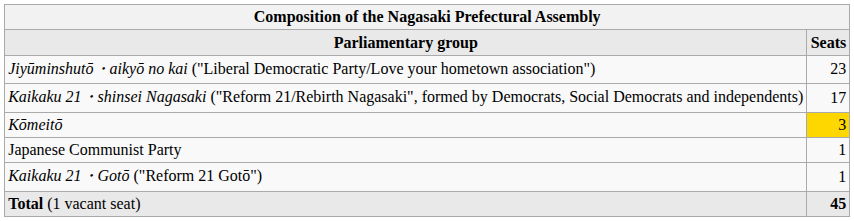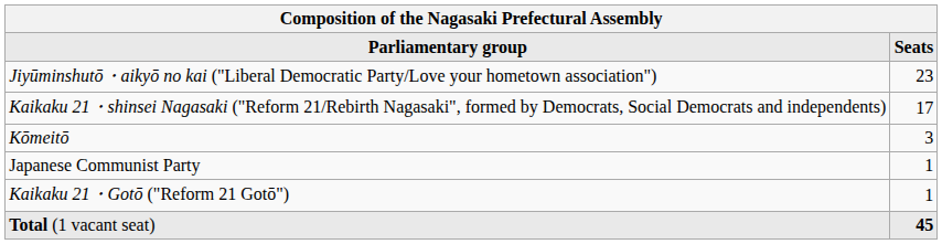 <table class="wikitable">
 <tr>
 <th colspan="2">Composition of the Nagasaki Prefectural Assembly</th>
 </tr>
 <tr>
 <th style="background-color:#E9E9E9" align=left>Parliamentary group</th>
 <th style="background-color:#E9E9E9" align=right>Seats</th>
 </tr>
 <tr>
 <td align=left><em>Jiyūminshutō・aikyō no kai</em> ("Liberal Democratic Party/Love your hometown association")</td>
 <td align="right">23</td>
 </tr>
 <tr>
 <td align=left><em>Kaikaku 21・shinsei Nagasaki</em> ("Reform 21/Rebirth Nagasaki", formed by Democrats, Social Democrats and independents)</td>
 <td align="right">17</td>
 </tr>
 <tr>
 <td align=left><em>Kōmeitō</em></td>
-<td align="right" style="background: gold;">3</td>
+<td align="right">3</td>
 </tr>
 <tr>
 <td align=left>Japanese Communist Party</td>
 <td align="right">1</td>
 </tr>
 <tr>
 <td align=left><em>Kaikaku 21・Gotō</em> ("Reform 21 Gotō")</td>
 <td align="right">1</td>
 </tr>
 <tr>
 <td align=left style="background-color:#E9E9E9" align=left><strong>Total</strong> (1 vacant seat)</td>
 <td style="background-color:#E9E9E9" align=right><strong>45</strong></td>
 </tr>
 </table>
